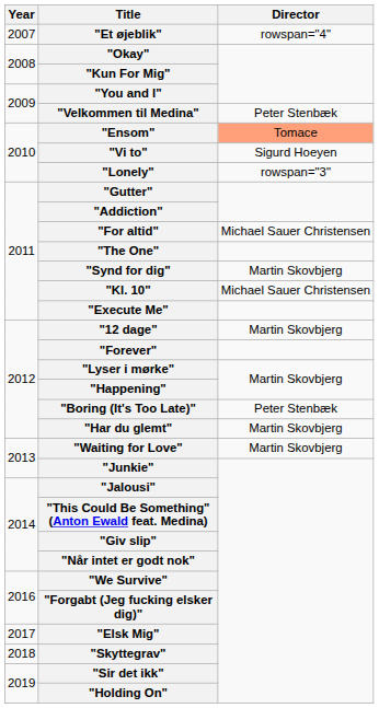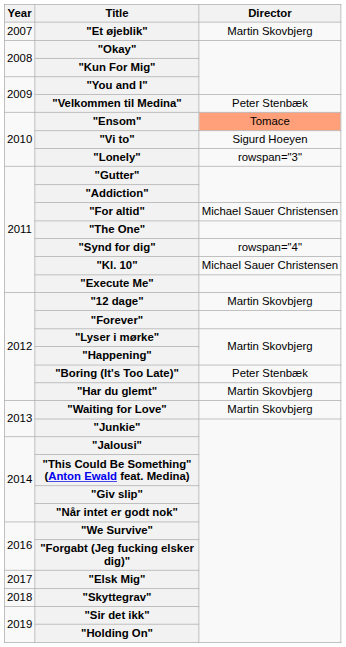 <table class="wikitable plainrowheaders" style="text-align:center;">
 <tr>
 <th scope="col" style="width:1em;">Year</th>
 <th scope="col" style="width:14em;">Title</th>
 <th scope="col">Director</th>
 </tr>
 <tr>
 <td>2007</td>
 <th scope="row">"Et øjeblik"</th>
-<td>rowspan="4" </td>
+<td>Martin Skovbjerg</td>
 </tr>
 <tr>
 <td rowspan="2">2008</td>
 <th scope="row">"Okay"</th>
 </tr>
 <tr>
 <th scope="row">"Kun For Mig"</th>
 </tr>
 <tr>
 <td rowspan="2">2009</td>
 <th scope="row">"You and I"</th>
 </tr>
 <tr>
 <th scope="row">"Velkommen til Medina"</th>
 <td>Peter Stenbæk</td>
 </tr>
 <tr>
 <td rowspan="3">2010</td>
 <th scope="row">"Ensom"</th>
 <td style="background: lightsalmon;">Tomace</td>
 </tr>
 <tr>
 <th scope="row">"Vi to"</th>
 <td>Sigurd Hoeyen</td>
 </tr>
 <tr>
 <th scope="row">"Lonely"</th>
 <td>rowspan="3" </td>
 </tr>
 <tr>
 <td rowspan="7">2011</td>
 <th scope="row">"Gutter"</th>
 </tr>
 <tr>
 <th scope="row">"Addiction"</th>
 </tr>
 <tr>
 <th scope="row">"For altid"</th>
 <td>Michael Sauer Christensen</td>
 </tr>
 <tr>
 <th scope="row">"The One"</th>
 <td></td>
 </tr>
 <tr>
 <th scope="row">"Synd for dig"</th>
-<td>Martin Skovbjerg</td>
+<td>rowspan="4" </td>
 </tr>
 <tr>
 <th scope="row">"Kl. 10"</th>
 <td>Michael Sauer Christensen</td>
 </tr>
 <tr>
 <th scope="row">"Execute Me"</th>
 <td></td>
 </tr>
 <tr>
 <td rowspan="6">2012</td>
 <th scope="row">"12 dage"</th>
 <td>Martin Skovbjerg</td>
 </tr>
 <tr>
 <th scope="row">"Forever"</th>
 <td></td>
 </tr>
 <tr>
 <th scope="row">"Lyser i mørke"</th>
 <td rowspan="2">Martin Skovbjerg</td>
 </tr>
 <tr>
 <th scope="row">"Happening"</th>
 </tr>
 <tr>
 <th scope="row">"Boring (It's Too Late)"</th>
 <td>Peter Stenbæk</td>
 </tr>
 <tr>
 <th scope="row">"Har du glemt"</th>
 <td>Martin Skovbjerg</td>
 </tr>
 <tr>
 <td rowspan="2">2013</td>
 <th scope="row">"Waiting for Love"</th>
 <td>Martin Skovbjerg</td>
 </tr>
 <tr>
 <th scope="row">"Junkie"</th>
 </tr>
 <tr>
 <td rowspan="4">2014</td>
 <th scope="row">"Jalousi"</th>
 </tr>
 <tr>
 <th scope="row">"This Could Be Something" (<a href='#'>Anton Ewald</a> feat. Medina)</th>
 </tr>
 <tr>
 <th scope="row">"Giv slip"</th>
 </tr>
 <tr>
 <th scope="row">"Når intet er godt nok"</th>
 </tr>
 <tr>
 <td rowspan="2">2016</td>
 <th scope="row">"We Survive"</th>
 </tr>
 <tr>
 <th scope="row">"Forgabt (Jeg fucking elsker dig)"</th>
 </tr>
 <tr>
 <td>2017</td>
 <th scope="row">"Elsk Mig"</th>
 </tr>
 <tr>
 <td>2018</td>
 <th scope="row">"Skyttegrav"</th>
 </tr>
 <tr>
 <td rowspan="2">2019</td>
 <th scope="row">"Sir det ikk"</th>
 </tr>
 <tr>
 <th scope="row">"Holding On"</th>
 </tr>
 </table>
